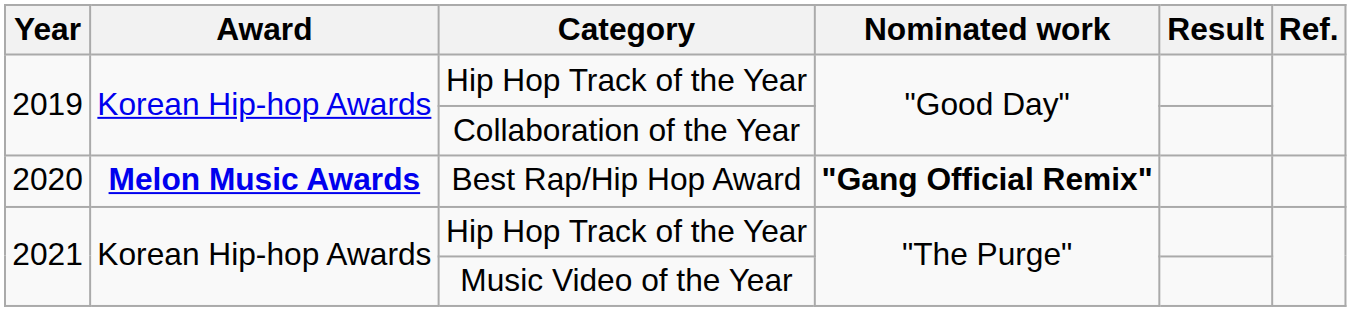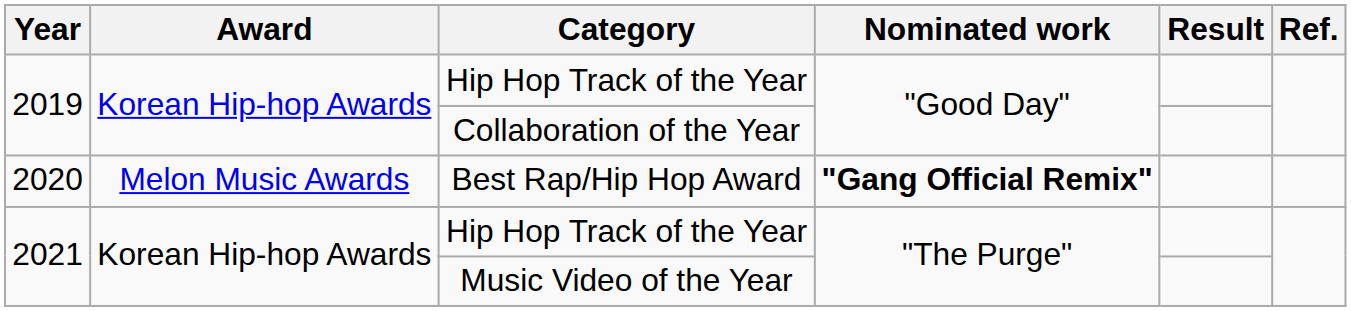 <table class="wikitable plainrowheaders" style="text-align:center;">
 <tr>
 <th>Year</th>
 <th>Award</th>
 <th>Category</th>
 <th>Nominated work</th>
 <th>Result</th>
 <th>Ref.</th>
 </tr>
 <tr>
 <td rowspan="2">2019</td>
 <td rowspan="2"><a href='#'>Korean Hip-hop Awards</a></td>
 <td>Hip Hop Track of the Year</td>
 <td rowspan="2">"Good Day"<br></td>
 <td></td>
 <td rowspan="2"></td>
 </tr>
 <tr>
 <td>Collaboration of the Year</td>
 <td></td>
 </tr>
 <tr>
 <td>2020</td>
-<td><strong><a href='#'>Melon Music Awards</a></strong></td>
+<td><a href='#'>Melon Music Awards</a></td>
 <td>Best Rap/Hip Hop Award</td>
 <td><strong>"Gang Official Remix"<br></strong></td>
 <td></td>
 <td></td>
 </tr>
 <tr>
 <td rowspan="2">2021</td>
 <td rowspan="2">Korean Hip-hop Awards</td>
 <td>Hip Hop Track of the Year</td>
 <td rowspan="2">"The Purge"<br></td>
 <td></td>
 <td rowspan="2"></td>
 </tr>
 <tr>
 <td>Music Video of the Year</td>
 <td></td>
 </tr>
 </table>
